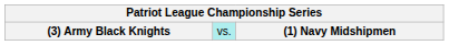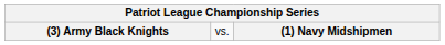 <table class="wikitable">
 <tr>
 <th style="width: 604px;" colspan=3>Patriot League Championship Series</th>
 </tr>
 <tr>
 <th style="width: 289px; ">(3) Army Black Knights</th>
-<td style="background: paleturquoise; width: 25px; text-align:center">vs.</td>
+<td style="width: 25px; text-align:center">vs.</td>
 <th style="width: 289px; ">(1) Navy Midshipmen</th>
 </tr>
 </table>
